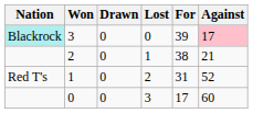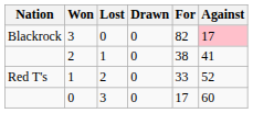 <table class="wikitable">
 <tr>
 <th>Nation</th>
 <th>Won</th>
+<th>Lost</th>
 <th>Drawn</th>
-<th>Lost</th>
 <th>For</th>
 <th>Against</th>
 </tr>
 <tr>
-<td style="background: paleturquoise;">Blackrock</td>
+<td>Blackrock</td>
 <td>3</td>
 <td>0</td>
 <td>0</td>
-<td>39</td>
+<td>82</td>
 <td style="background: pink;">17</td>
 </tr>
 <tr>
 <td></td>
 <td>2</td>
+<td>1</td>
 <td>0</td>
-<td>1</td>
 <td>38</td>
-<td>21</td>
+<td>41</td>
 </tr>
 <tr>
 <td>Red T's</td>
 <td>1</td>
+<td>2</td>
 <td>0</td>
-<td>2</td>
-<td>31</td>
+<td>33</td>
 <td>52</td>
 </tr>
 <tr>
 <td></td>
 <td>0</td>
+<td>3</td>
 <td>0</td>
-<td>3</td>
 <td>17</td>
 <td>60</td>
 </tr>
 </table>
